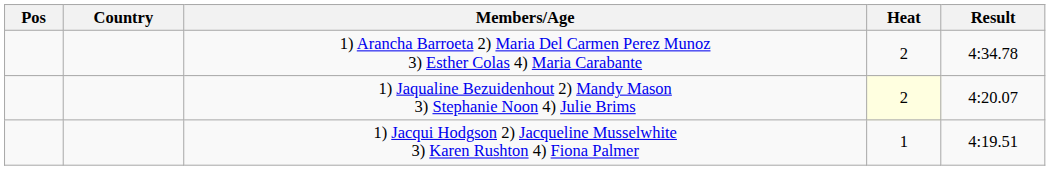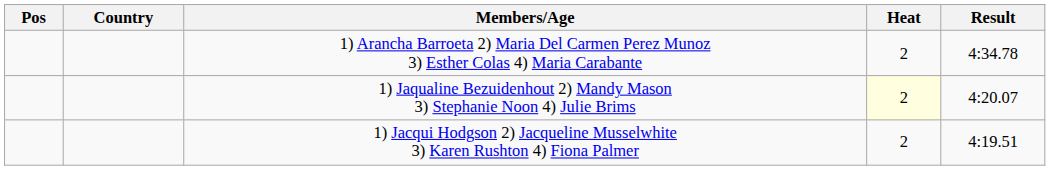 <table class="wikitable"  style="text-align:center; width:80%;">
 <tr>
 <th>Pos</th>
 <th>Country</th>
 <th>Members/Age</th>
 <th>Heat</th>
 <th>Result</th>
 </tr>
 <tr>
 <td align=center></td>
 <td align=left></td>
 <td>1) <a href='#'>Arancha Barroeta</a> 2) <a href='#'>Maria Del Carmen Perez Munoz</a><br>3) <a href='#'>Esther Colas</a> 4) <a href='#'>Maria Carabante</a></td>
 <td>2</td>
 <td>4:34.78</td>
 </tr>
 <tr>
 <td align=center></td>
 <td align=left></td>
 <td>1) <a href='#'>Jaqualine Bezuidenhout</a> 2) <a href='#'>Mandy Mason</a><br>3) <a href='#'>Stephanie Noon</a> 4) <a href='#'>Julie Brims</a></td>
 <td style="background: lightyellow;">2</td>
 <td>4:20.07</td>
 </tr>
 <tr>
 <td align=center></td>
 <td align=left></td>
 <td>1) <a href='#'>Jacqui Hodgson</a> 2) <a href='#'>Jacqueline Musselwhite</a><br>3) <a href='#'>Karen Rushton</a> 4) <a href='#'>Fiona Palmer</a></td>
-<td>1</td>
+<td>2</td>
 <td>4:19.51</td>
 </tr>
 </table>
